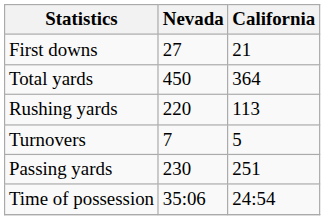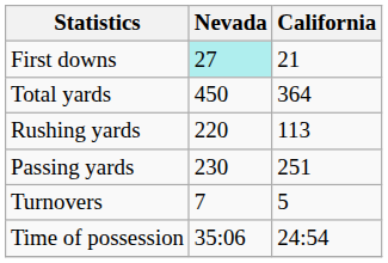 <table class="wikitable">
 <tr>
 <th>Statistics</th>
 <th>Nevada</th>
 <th>California</th>
 </tr>
 <tr>
 <td>First downs</td>
-<td>27</td>
+<td style="background: paleturquoise;">27</td>
 <td>21</td>
 </tr>
 <tr>
 <td>Total yards</td>
 <td>450</td>
 <td>364</td>
 </tr>
 <tr>
 <td>Rushing yards</td>
 <td>220</td>
 <td>113</td>
 </tr>
 <tr>
+<td>Passing yards</td>
+<td>230</td>
+<td>251</td>
+</tr>
+<tr>
 <td>Turnovers</td>
 <td>7</td>
 <td>5</td>
-</tr>
-<tr>
-<td>Passing yards</td>
-<td>230</td>
-<td>251</td>
 </tr>
 <tr>
 <td>Time of possession</td>
 <td>35:06</td>
 <td>24:54</td>
 </tr>
 <tr>
 </tr>
 </table>
